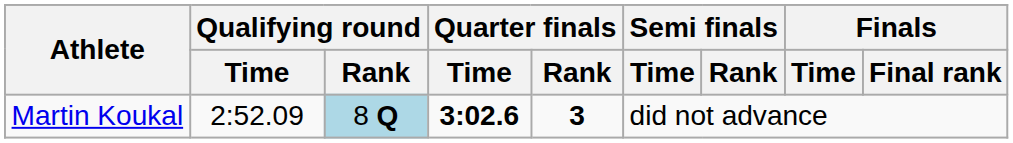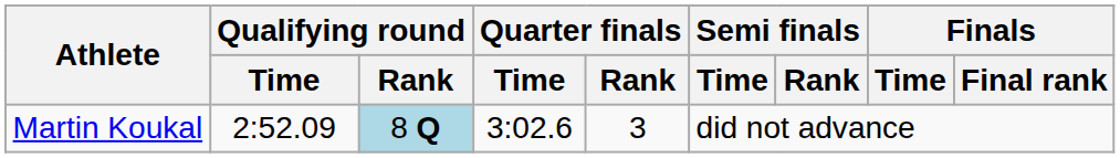 <table class="wikitable" style="font-size:90%">
 <tr>
 <th rowspan="2">Athlete</th>
 <th colspan="2">Qualifying round</th>
 <th colspan="2">Quarter finals</th>
 <th colspan="2">Semi finals</th>
 <th colspan="2">Finals</th>
 </tr>
 <tr>
 <th>Time</th>
 <th>Rank</th>
 <th>Time</th>
 <th>Rank</th>
 <th>Time</th>
 <th>Rank</th>
 <th>Time</th>
 <th>Final rank</th>
 </tr>
 <tr>
 <td><a href='#'>Martin Koukal</a></td>
 <td align="center">2:52.09</td>
 <td align="center" style="background: lightblue;">8 <strong>Q</strong></td>
-<td align="center"><strong>3:02.6</strong></td>
-<td align="center"><strong>3</strong></td>
+<td align="center">3:02.6</td>
+<td align="center">3</td>
 <td colspan="4">did not advance</td>
 </tr>
 </table>
